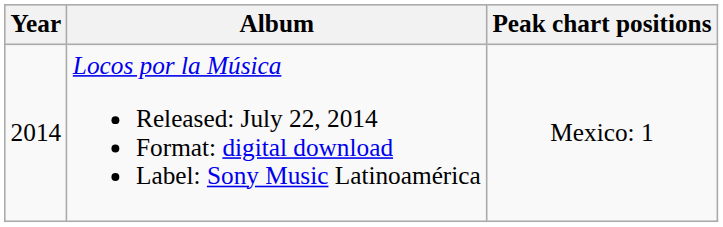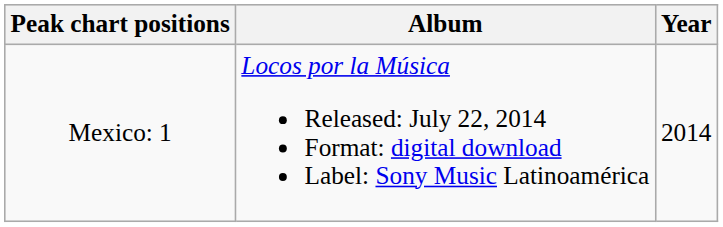 <table class="wikitable" style="text-align:center;">
 <tr>
+<th colspan="1">Peak chart positions</th>
+<th rowspan="1">Album</th>
 <th rowspan="1">Year</th>
-<th rowspan="1">Album</th>
-<th colspan="1">Peak chart positions</th>
 </tr>
 <tr>
+<td>Mexico: 1</td>
+<td align="left"><em><a href='#'>Locos por la Música</a></em><br><ul><li>Released: July 22, 2014</li><li>Format: <a href='#'>digital download</a></li><li>Label: <a href='#'>Sony Music</a> Latinoamérica</li></ul></td>
 <td>2014</td>
-<td align="left"><em><a href='#'>Locos por la Música</a></em><br><ul><li>Released: July 22, 2014</li><li>Format: <a href='#'>digital download</a></li><li>Label: <a href='#'>Sony Music</a> Latinoamérica</li></ul></td>
-<td>Mexico: 1</td>
 </tr>
 </table>
